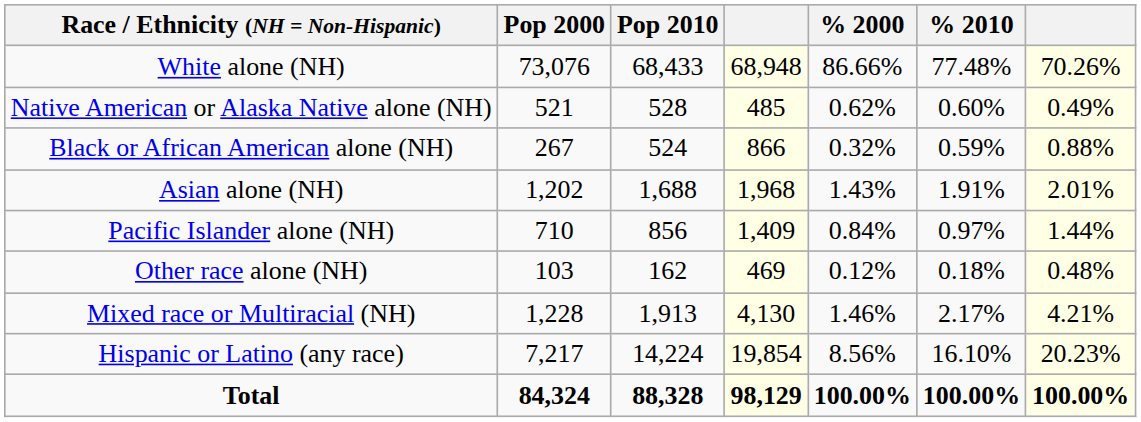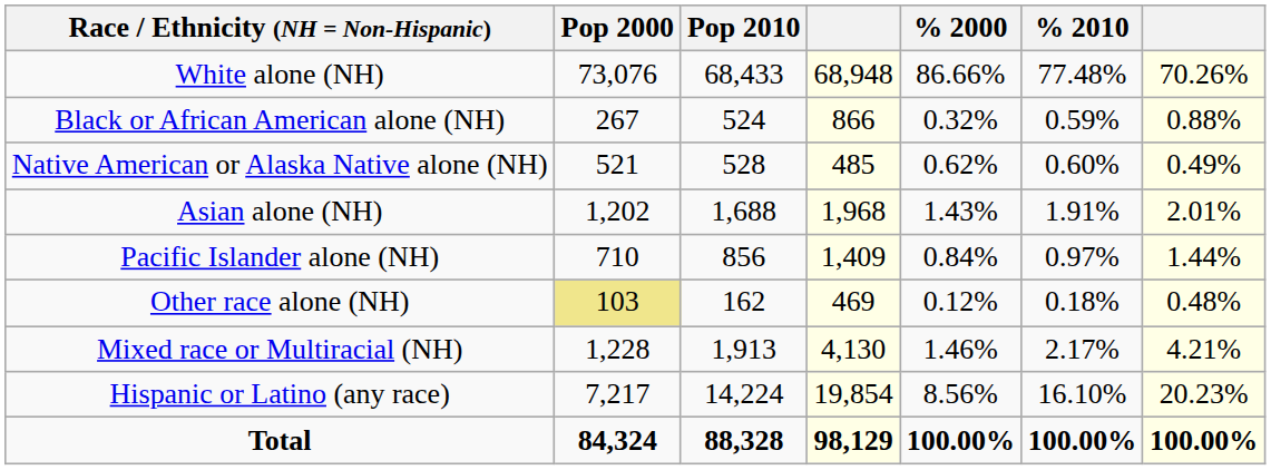 <table class="wikitable" style="text-align:center;">
 <tr>
 <th>Race / Ethnicity <small>(<em>NH = Non-Hispanic</em>)</small></th>
 <th>Pop 2000</th>
 <th>Pop 2010</th>
 <th></th>
 <th>% 2000</th>
 <th>% 2010</th>
 <th></th>
 </tr>
 <tr>
 <td><a href='#'>White</a> alone (NH)</td>
 <td>73,076</td>
 <td>68,433</td>
 <td style='background: #ffffe6;'>68,948</td>
 <td>86.66%</td>
 <td>77.48%</td>
 <td style='background: #ffffe6;'>70.26%</td>
 </tr>
 <tr>
+<td><a href='#'>Black or African American</a> alone (NH)</td>
+<td>267</td>
+<td>524</td>
+<td style='background: #ffffe6;'>866</td>
+<td>0.32%</td>
+<td>0.59%</td>
+<td style='background: #ffffe6;'>0.88%</td>
+</tr>
+<tr>
 <td><a href='#'>Native American</a> or <a href='#'>Alaska Native</a> alone (NH)</td>
 <td>521</td>
 <td>528</td>
 <td style='background: #ffffe6;'>485</td>
 <td>0.62%</td>
 <td>0.60%</td>
 <td style='background: #ffffe6;'>0.49%</td>
-</tr>
-<tr>
-<td><a href='#'>Black or African American</a> alone (NH)</td>
-<td>267</td>
-<td>524</td>
-<td style='background: #ffffe6;'>866</td>
-<td>0.32%</td>
-<td>0.59%</td>
-<td style='background: #ffffe6;'>0.88%</td>
 </tr>
 <tr>
 <td><a href='#'>Asian</a> alone (NH)</td>
 <td>1,202</td>
 <td>1,688</td>
 <td style='background: #ffffe6;'>1,968</td>
 <td>1.43%</td>
 <td>1.91%</td>
 <td style='background: #ffffe6;'>2.01%</td>
 </tr>
 <tr>
 <td><a href='#'>Pacific Islander</a> alone (NH)</td>
 <td>710</td>
 <td>856</td>
 <td style='background: #ffffe6;'>1,409</td>
 <td>0.84%</td>
 <td>0.97%</td>
 <td style='background: #ffffe6;'>1.44%</td>
 </tr>
 <tr>
 <td><a href='#'>Other race</a> alone (NH)</td>
-<td>103</td>
+<td style="background: khaki;">103</td>
 <td>162</td>
 <td style='background: #ffffe6;'>469</td>
 <td>0.12%</td>
 <td>0.18%</td>
 <td style='background: #ffffe6;'>0.48%</td>
 </tr>
 <tr>
 <td><a href='#'>Mixed race or Multiracial</a> (NH)</td>
 <td>1,228</td>
 <td>1,913</td>
 <td style='background: #ffffe6;'>4,130</td>
 <td>1.46%</td>
 <td>2.17%</td>
 <td style='background: #ffffe6;'>4.21%</td>
 </tr>
 <tr>
 <td><a href='#'>Hispanic or Latino</a> (any race)</td>
 <td>7,217</td>
 <td>14,224</td>
 <td style='background: #ffffe6;'>19,854</td>
 <td>8.56%</td>
 <td>16.10%</td>
 <td style='background: #ffffe6;'>20.23%</td>
 </tr>
 <tr>
 <td><strong>Total</strong></td>
 <td><strong>84,324</strong></td>
 <td><strong>88,328</strong></td>
 <td style='background: #ffffe6;'><strong>98,129</strong></td>
 <td><strong>100.00%</strong></td>
 <td><strong>100.00%</strong></td>
 <td style='background: #ffffe6;'><strong>100.00%</strong></td>
 </tr>
 </table>
